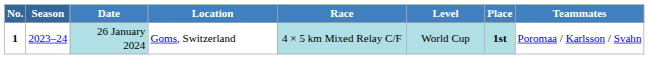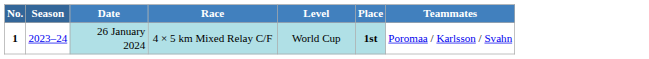 <table class="wikitable sortable" style="font-size:95%; text-align:center; border:grey solid 1px; border-collapse:collapse; background:#ffffff;">
 <tr style="background:#efefef;">
 <th style="background-color:#369; color:white;">No.</th>
 <th style="background-color:#369; color:white;">Season</th>
 <th style="background-color:#4180be; color:white; width:100px;">Date</th>
-<th style="background-color:#4180be; color:white; width:170px;">Location</th>
 <th style="background-color:#4180be; color:white; width:170px;">Race</th>
 <th style="background-color:#4180be; color:white; width:100px;">Level</th>
 <th style="background-color:#4180be; color:white;">Place</th>
 <th style="background-color:#4180be; color:white;">Teammates</th>
 </tr>
 <tr>
 <td align=center><strong>1</strong></td>
 <td align=center><a href='#'>2023–24</a></td>
 <td bgcolor="#BOEOE6" align=right>26 January 2024</td>
-<td align=left> <a href='#'>Goms</a>, Switzerland</td>
 <td bgcolor="#BOEOE6">4 × 5 km Mixed Relay C/F</td>
 <td bgcolor="#BOEOE6">World Cup</td>
 <td bgcolor="#BOEOE6"><strong>1st</strong></td>
 <td><a href='#'>Poromaa</a> / <a href='#'>Karlsson</a> / <a href='#'>Svahn</a></td>
 </tr>
 </table>
